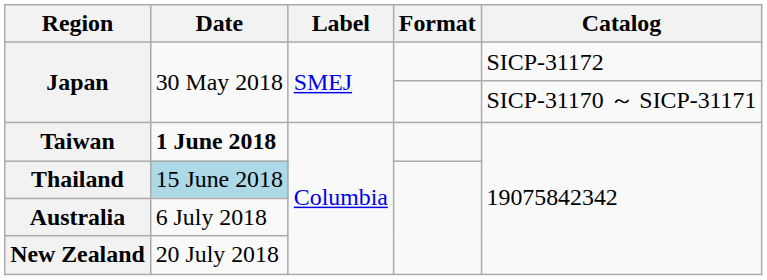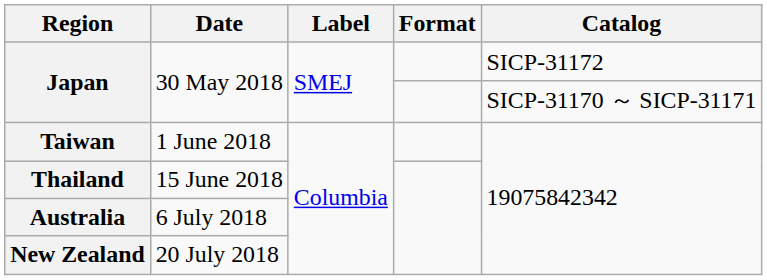 <table class="wikitable plainrowheaders">
 <tr>
 <th>Region</th>
 <th>Date</th>
 <th>Label</th>
 <th>Format</th>
 <th>Catalog</th>
 </tr>
 <tr>
 <th scope="row" rowspan="2">Japan</th>
 <td rowspan="2">30 May 2018</td>
 <td rowspan="2"><a href='#'>SMEJ</a></td>
 <td></td>
 <td>SICP-31172</td>
 </tr>
 <tr>
 <td></td>
 <td>SICP-31170 ～ SICP-31171</td>
 </tr>
 <tr>
 <th scope="row">Taiwan</th>
-<td><strong>1 June 2018</strong></td>
+<td>1 June 2018</td>
 <td rowspan="4"><a href='#'>Columbia</a></td>
 <td></td>
 <td rowspan="4">19075842342</td>
 </tr>
 <tr>
 <th scope="row">Thailand</th>
-<td style="background: lightblue;">15 June 2018</td>
+<td>15 June 2018</td>
 <td rowspan="3"></td>
 </tr>
 <tr>
 <th scope="row">Australia</th>
 <td>6 July 2018</td>
 </tr>
 <tr>
 <th scope="row">New Zealand</th>
 <td>20 July 2018</td>
 </tr>
 </table>
